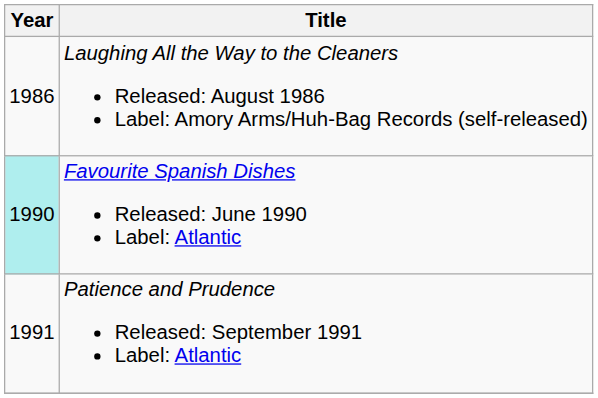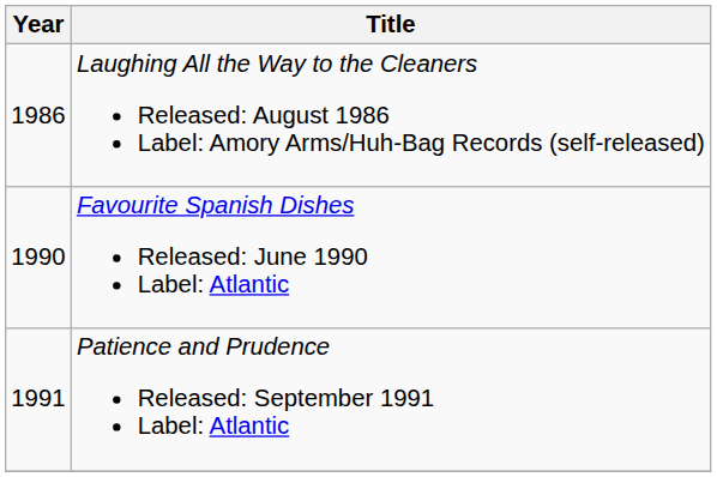 <table class="wikitable">
 <tr>
 <th>Year</th>
 <th>Title</th>
 </tr>
 <tr>
 <td>1986</td>
 <td><em>Laughing All the Way to the Cleaners</em><br><ul><li>Released: August 1986</li><li>Label: Amory Arms/Huh-Bag Records (self-released)</li></ul></td>
 </tr>
 <tr>
-<td style="background: paleturquoise;">1990</td>
+<td>1990</td>
 <td><em><a href='#'>Favourite Spanish Dishes</a></em><br><ul><li>Released: June 1990</li><li>Label: <a href='#'>Atlantic</a></li></ul></td>
 </tr>
 <tr>
 <td>1991</td>
 <td><em>Patience and Prudence</em><br><ul><li>Released: September 1991</li><li>Label: <a href='#'>Atlantic</a></li></ul></td>
 </tr>
 <tr>
 </tr>
 </table>
